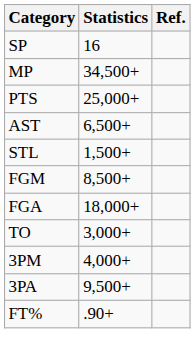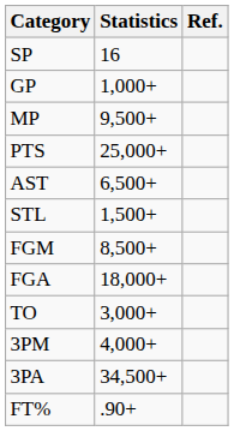 <table class="wikitable">
 <tr>
 <th>Category</th>
 <th>Statistics</th>
 <th>Ref.</th>
 </tr>
 <tr>
 <td>SP</td>
 <td>16</td>
 <td></td>
 </tr>
 <tr>
+<td>GP</td>
+<td>1,000+</td>
+<td></td>
+</tr>
+<tr>
 <td>MP</td>
-<td>34,500+</td>
+<td>9,500+</td>
 <td></td>
 </tr>
 <tr>
 <td>PTS</td>
 <td>25,000+</td>
 <td></td>
 </tr>
 <tr>
 <td>AST</td>
 <td>6,500+</td>
 <td></td>
 </tr>
 <tr>
 <td>STL</td>
 <td>1,500+</td>
 <td></td>
 </tr>
 <tr>
 <td>FGM</td>
 <td>8,500+</td>
 <td></td>
 </tr>
 <tr>
 <td>FGA</td>
 <td>18,000+</td>
 <td></td>
 </tr>
 <tr>
 <td>TO</td>
 <td>3,000+</td>
 <td></td>
 </tr>
 <tr>
 <td>3PM</td>
 <td>4,000+</td>
 <td></td>
 </tr>
 <tr>
 <td>3PA</td>
-<td>9,500+</td>
+<td>34,500+</td>
 <td></td>
 </tr>
 <tr>
 <td>FT%</td>
 <td>.90+</td>
 <td></td>
 </tr>
 </table>
